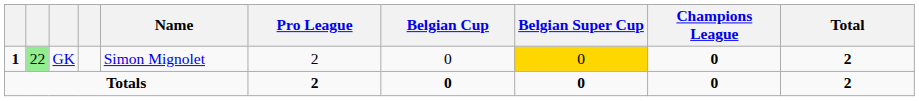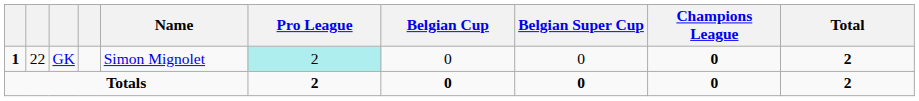 <table class="wikitable" style="text-align:center">
 <tr>
 <th width=15></th>
 <th width=15></th>
 <th width=15></th>
 <th width=15></th>
 <th width=145>Name</th>
 <th width=130><a href='#'>Pro League</a></th>
 <th width=130><a href='#'>Belgian Cup</a></th>
 <th width=130><a href='#'>Belgian Super Cup</a></th>
 <th width=130><a href='#'>Champions League</a></th>
 <th width=130>Total</th>
 </tr>
 <tr>
 <td rowspan="1"><strong>1</strong></td>
-<td style="background: lightgreen;">22</td>
+<td>22</td>
 <td><a href='#'>GK</a></td>
 <td></td>
 <td align=left><a href='#'>Simon Mignolet</a></td>
-<td>2</td>
+<td style="background: paleturquoise;">2</td>
 <td>0</td>
-<td style="background: gold;">0</td>
+<td>0</td>
 <td><strong>0</strong></td>
 <td><strong>2</strong></td>
 </tr>
 <tr>
 <td colspan=5><strong>Totals</strong></td>
 <td><strong>2</strong></td>
 <td><strong>0</strong></td>
 <td><strong>0</strong></td>
 <td><strong>0</strong></td>
 <td><strong>2</strong></td>
 </tr>
 </table>
